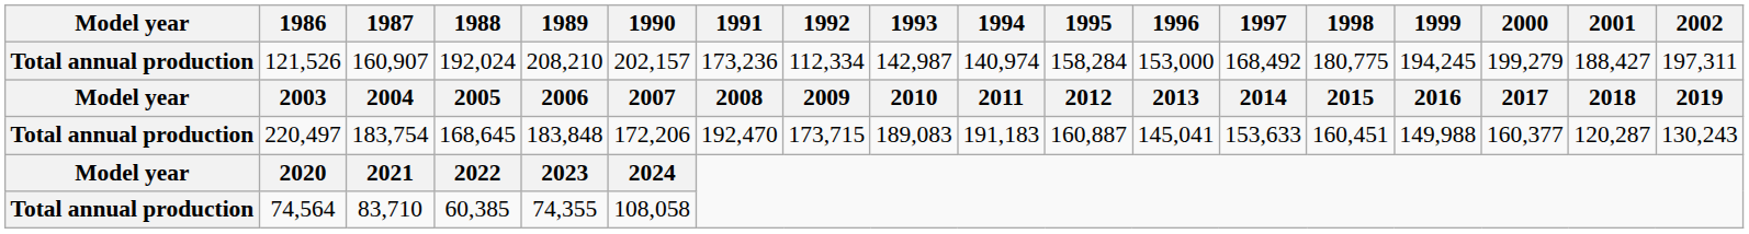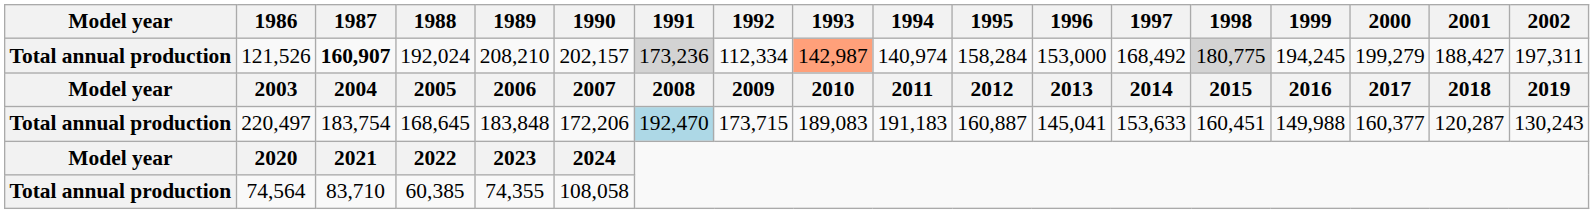 <table class="wikitable" style="text-align:center">
 <tr>
 <th>Model year</th>
 <th>1986<br></th>
 <th>1987<br></th>
 <th>1988<br></th>
 <th>1989<br></th>
 <th>1990<br></th>
 <th>1991<br></th>
 <th>1992<br></th>
 <th>1993<br></th>
 <th>1994<br></th>
 <th>1995<br></th>
 <th>1996<br></th>
 <th>1997<br></th>
 <th>1998<br></th>
 <th>1999<br></th>
 <th>2000<br></th>
 <th>2001<br></th>
 <th>2002<br></th>
 </tr>
 <tr>
 <th>Total annual production</th>
 <td>121,526</td>
-<td>160,907</td>
+<td><strong>160,907</strong></td>
 <td>192,024</td>
 <td>208,210</td>
 <td>202,157</td>
-<td>173,236</td>
+<td style="background: lightgrey;">173,236</td>
 <td>112,334</td>
-<td>142,987</td>
+<td style="background: lightsalmon;">142,987</td>
 <td>140,974</td>
 <td>158,284</td>
 <td>153,000</td>
 <td>168,492</td>
-<td>180,775</td>
+<td style="background: lightgrey;">180,775</td>
 <td>194,245</td>
 <td>199,279</td>
 <td>188,427</td>
 <td>197,311</td>
 </tr>
 <tr>
 <th>Model year</th>
 <th>2003<br></th>
 <th>2004<br></th>
 <th>2005<br></th>
 <th>2006<br></th>
 <th>2007<br></th>
 <th>2008<br></th>
 <th>2009<br></th>
 <th>2010<br></th>
 <th>2011<br></th>
 <th>2012<br></th>
 <th>2013<br></th>
 <th>2014<br></th>
 <th>2015<br></th>
 <th>2016<br></th>
 <th>2017<br></th>
 <th>2018<br></th>
 <th>2019<br></th>
 </tr>
 <tr>
 <th>Total annual production</th>
 <td>220,497</td>
 <td>183,754</td>
 <td>168,645</td>
 <td>183,848</td>
 <td>172,206</td>
-<td>192,470</td>
+<td style="background: lightblue;">192,470</td>
 <td>173,715</td>
 <td>189,083</td>
 <td>191,183</td>
 <td>160,887</td>
 <td>145,041</td>
 <td>153,633</td>
 <td>160,451</td>
 <td>149,988</td>
 <td>160,377</td>
 <td>120,287</td>
 <td>130,243</td>
 </tr>
 <tr>
 <th>Model year</th>
 <th>2020<br></th>
 <th>2021<br></th>
 <th>2022<br></th>
 <th>2023<br></th>
 <th>2024<br></th>
 </tr>
 <tr>
 <th>Total annual production</th>
 <td>74,564</td>
 <td>83,710</td>
 <td>60,385</td>
 <td>74,355</td>
 <td>108,058</td>
 </tr>
 </table>
